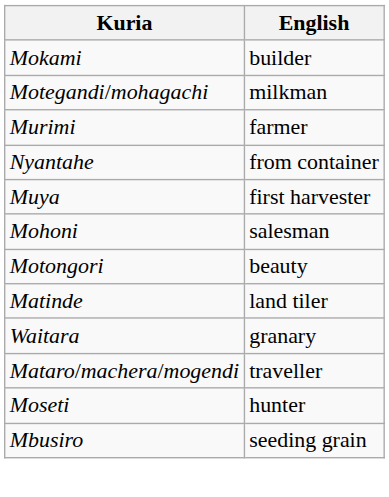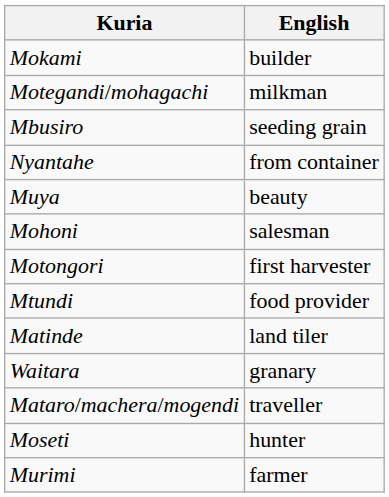 <table class="wikitable" style="display: inline-table;">
 <tr>
 <th>Kuria</th>
 <th>English</th>
 </tr>
 <tr>
 <td><em>Mokami</em></td>
 <td>builder</td>
 </tr>
 <tr>
 <td><em>Motegandi</em>/<em>mohagachi</em></td>
 <td>milkman</td>
 </tr>
 <tr>
-<td><em>Murimi</em></td>
-<td>farmer</td>
+<td><em>Mbusiro</em></td>
+<td>seeding grain</td>
 </tr>
 <tr>
 <td><em>Nyantahe</em></td>
 <td>from container</td>
 </tr>
 <tr>
 <td><em>Muya</em></td>
-<td>first harvester</td>
+<td>beauty</td>
 </tr>
 <tr>
 <td><em>Mohoni</em></td>
 <td>salesman</td>
 </tr>
 <tr>
 <td><em>Motongori</em></td>
-<td>beauty</td>
+<td>first harvester</td>
+</tr>
+<tr>
+<td><em>Mtundi</em></td>
+<td>food provider</td>
 </tr>
 <tr>
 <td><em>Matinde</em></td>
 <td>land tiler</td>
 </tr>
 <tr>
 <td><em>Waitara</em></td>
 <td>granary</td>
 </tr>
 <tr>
 <td><em>Mataro</em>/<em>machera</em>/<em>mogendi</em></td>
 <td>traveller</td>
 </tr>
 <tr>
 <td><em>Moseti</em></td>
 <td>hunter</td>
 </tr>
 <tr>
-<td><em>Mbusiro</em></td>
-<td>seeding grain</td>
+<td><em>Murimi</em></td>
+<td>farmer</td>
 </tr>
 </table>
